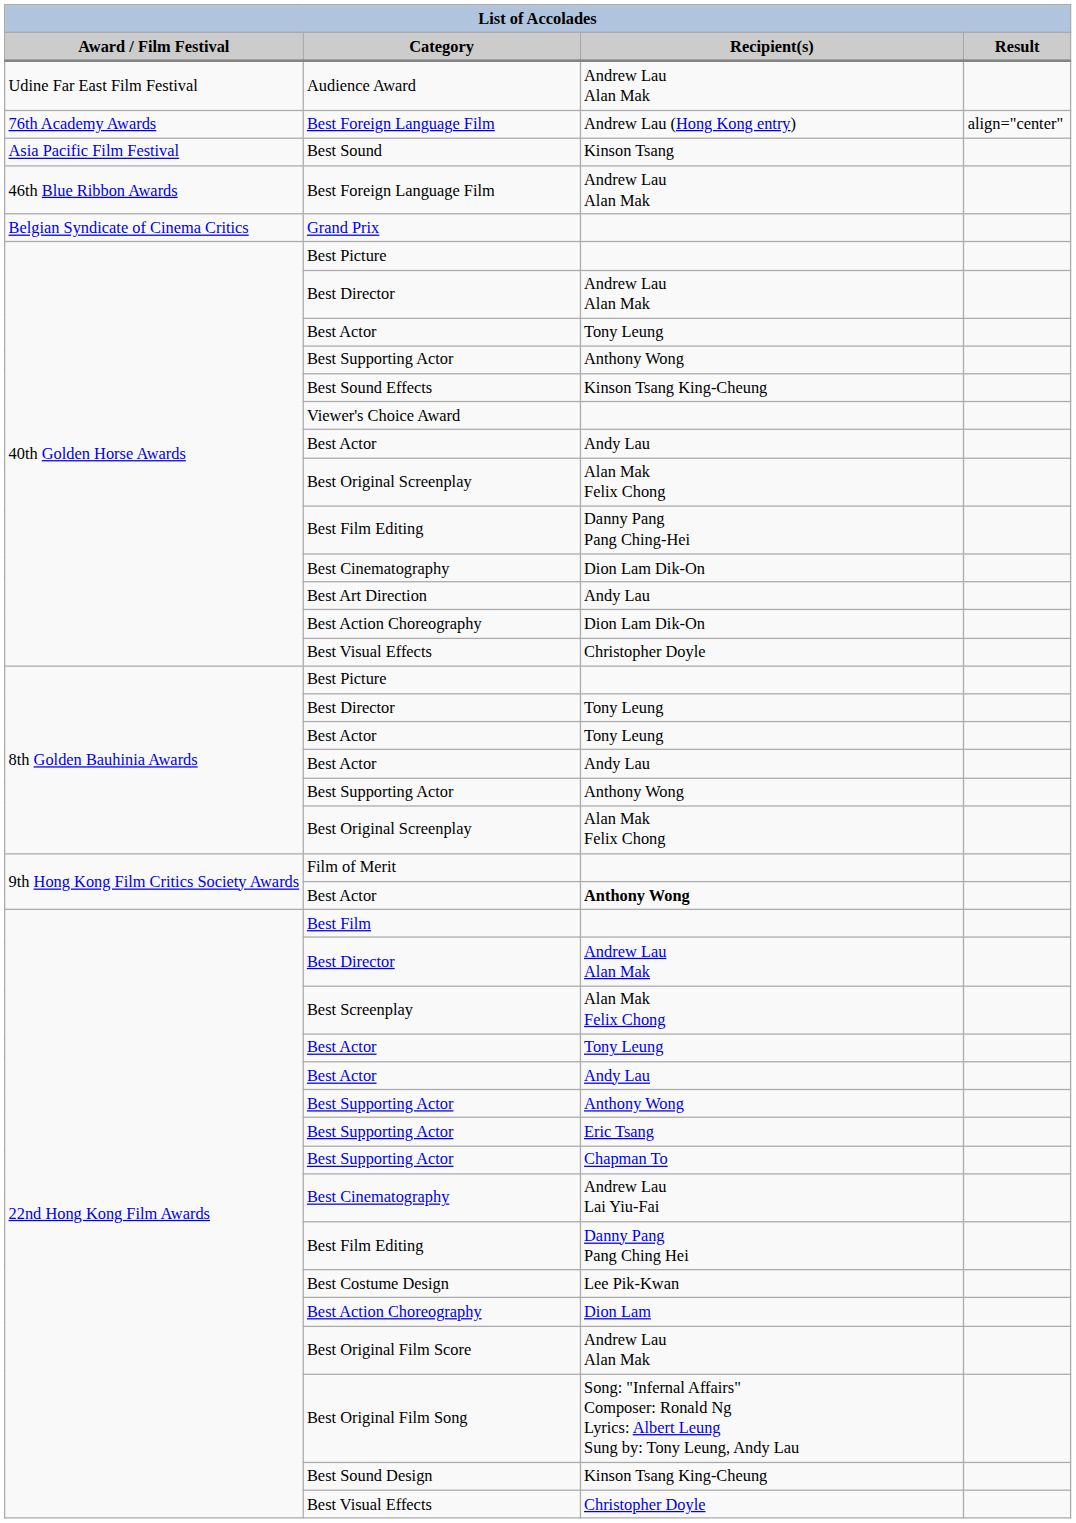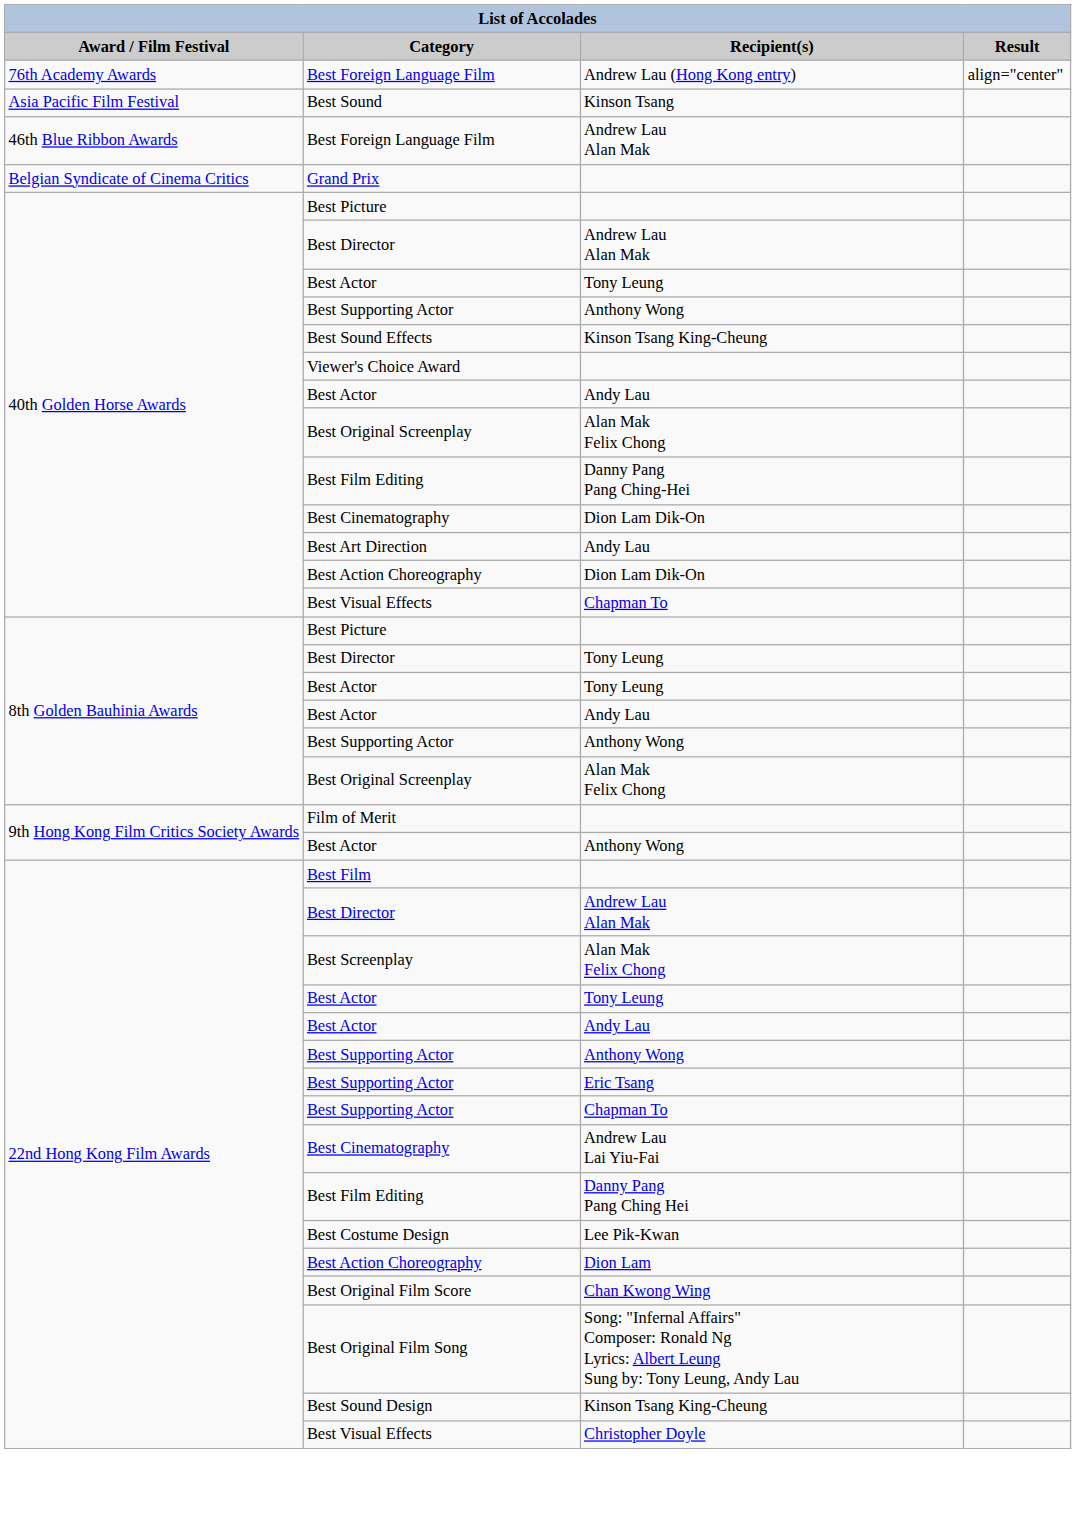 <table class="wikitable" style="font-size:small;" ;>
 <tr style="text-align:center;">
 <th colspan=4 style="background:#B0C4DE;">List of Accolades</th>
 </tr>
 <tr style="text-align:center;">
 <th style="background:#ccc; width:28%;">Award / Film Festival</th>
 <th style="background:#ccc; width:26%;">Category</th>
 <th style="background:#ccc; width:36%;">Recipient(s)</th>
 <th style="background:#ccc; width:10%;">Result</th>
-</tr>
-<tr style="border-top:2px solid gray;">
-<td>Udine Far East Film Festival</td>
-<td>Audience Award</td>
-<td>Andrew Lau<br> Alan Mak</td>
-<td></td>
 </tr>
 <tr>
 <td><a href='#'>76th Academy Awards</a></td>
 <td><a href='#'>Best Foreign Language Film</a></td>
 <td>Andrew Lau (<a href='#'>Hong Kong entry</a>)</td>
 <td>align="center" </td>
 </tr>
 <tr>
 <td><a href='#'>Asia Pacific Film Festival</a></td>
 <td>Best Sound</td>
 <td>Kinson Tsang</td>
 <td></td>
 </tr>
 <tr>
 <td>46th <a href='#'>Blue Ribbon Awards</a></td>
 <td>Best Foreign Language Film</td>
 <td>Andrew Lau<br> Alan Mak</td>
 <td></td>
 </tr>
 <tr>
 <td><a href='#'>Belgian Syndicate of Cinema Critics</a></td>
 <td><a href='#'>Grand Prix</a></td>
 <td></td>
 <td></td>
 </tr>
 <tr>
 <td rowspan="13">40th <a href='#'>Golden Horse Awards</a></td>
 <td>Best Picture</td>
 <td></td>
 <td></td>
 </tr>
 <tr>
 <td>Best Director</td>
 <td>Andrew Lau<br> Alan Mak</td>
 <td></td>
 </tr>
 <tr>
 <td>Best Actor</td>
 <td>Tony Leung</td>
 <td></td>
 </tr>
 <tr>
 <td>Best Supporting Actor</td>
 <td>Anthony Wong</td>
 <td></td>
 </tr>
 <tr>
 <td>Best Sound Effects</td>
 <td>Kinson Tsang King-Cheung</td>
 <td></td>
 </tr>
 <tr>
 <td>Viewer's Choice Award</td>
 <td></td>
 <td></td>
 </tr>
 <tr>
 <td>Best Actor</td>
 <td>Andy Lau</td>
 <td></td>
 </tr>
 <tr>
 <td>Best Original Screenplay</td>
 <td>Alan Mak<br> Felix Chong</td>
 <td></td>
 </tr>
 <tr>
 <td>Best Film Editing</td>
 <td>Danny Pang<br> Pang Ching-Hei</td>
 <td></td>
 </tr>
 <tr>
 <td>Best Cinematography</td>
 <td>Dion Lam Dik-On</td>
 <td></td>
 </tr>
 <tr>
 <td>Best Art Direction</td>
 <td>Andy Lau</td>
 <td></td>
 </tr>
 <tr>
 <td>Best Action Choreography</td>
 <td>Dion Lam Dik-On</td>
 <td></td>
 </tr>
 <tr>
 <td>Best Visual Effects</td>
-<td>Christopher Doyle</td>
+<td><a href='#'>Chapman To</a></td>
 <td></td>
 </tr>
 <tr>
 <td rowspan="6">8th <a href='#'>Golden Bauhinia Awards</a></td>
 <td>Best Picture</td>
 <td></td>
 <td></td>
 </tr>
 <tr>
 <td>Best Director</td>
 <td>Tony Leung</td>
 <td></td>
 </tr>
 <tr>
 <td>Best Actor</td>
 <td>Tony Leung</td>
 <td></td>
 </tr>
 <tr>
 <td>Best Actor</td>
 <td>Andy Lau</td>
 <td></td>
 </tr>
 <tr>
 <td>Best Supporting Actor</td>
 <td>Anthony Wong</td>
 <td></td>
 </tr>
 <tr>
 <td>Best Original Screenplay</td>
 <td>Alan Mak<br> Felix Chong</td>
 <td></td>
 </tr>
 <tr>
 <td rowspan="2">9th <a href='#'>Hong Kong Film Critics Society Awards</a></td>
 <td>Film of Merit</td>
 <td></td>
 <td></td>
 </tr>
 <tr>
 <td>Best Actor</td>
-<td><strong>Anthony Wong</strong></td>
+<td>Anthony Wong</td>
 <td></td>
 </tr>
 <tr>
 <td rowspan="16"><a href='#'>22nd Hong Kong Film Awards</a></td>
 <td><a href='#'>Best Film</a></td>
 <td></td>
 <td></td>
 </tr>
 <tr>
 <td><a href='#'>Best Director</a></td>
 <td><a href='#'>Andrew Lau</a><br> <a href='#'>Alan Mak</a></td>
 <td></td>
 </tr>
 <tr>
 <td Hong Kong Film Award for Best Screenplay>Best Screenplay</td>
 <td>Alan Mak <br><a href='#'>Felix Chong</a></td>
 <td></td>
 </tr>
 <tr>
 <td><a href='#'>Best Actor</a></td>
 <td><a href='#'>Tony Leung</a></td>
 <td></td>
 </tr>
 <tr>
 <td><a href='#'>Best Actor</a></td>
 <td><a href='#'>Andy Lau</a></td>
 <td></td>
 </tr>
 <tr>
 <td><a href='#'>Best Supporting Actor</a></td>
 <td><a href='#'>Anthony Wong</a></td>
 <td></td>
 </tr>
 <tr>
 <td><a href='#'>Best Supporting Actor</a></td>
 <td><a href='#'>Eric Tsang</a></td>
 <td></td>
 </tr>
 <tr>
 <td><a href='#'>Best Supporting Actor</a></td>
 <td><a href='#'>Chapman To</a></td>
 <td></td>
 </tr>
 <tr>
 <td><a href='#'>Best Cinematography</a></td>
 <td>Andrew Lau<br> Lai Yiu-Fai</td>
 <td></td>
 </tr>
 <tr>
 <td>Best Film Editing</td>
 <td><a href='#'>Danny Pang</a> <br>Pang Ching Hei</td>
 <td></td>
 </tr>
 <tr>
 <td>Best Costume Design</td>
 <td>Lee Pik-Kwan</td>
 <td></td>
 </tr>
 <tr>
 <td><a href='#'>Best Action Choreography</a></td>
 <td><a href='#'>Dion Lam</a></td>
 <td></td>
 </tr>
 <tr>
 <td>Best Original Film Score</td>
-<td>Andrew Lau<br> Alan Mak</td>
+<td><a href='#'>Chan Kwong Wing</a></td>
 <td></td>
 </tr>
 <tr>
 <td>Best Original Film Song</td>
 <td>Song: "Infernal Affairs"<br>Composer: Ronald Ng  <br>Lyrics: <a href='#'>Albert Leung</a> <br>Sung by: Tony Leung, Andy Lau</td>
 <td></td>
 </tr>
 <tr>
 <td>Best Sound Design</td>
 <td>Kinson Tsang King-Cheung</td>
 <td></td>
 </tr>
 <tr>
 <td>Best Visual Effects</td>
 <td><a href='#'>Christopher Doyle</a></td>
 <td></td>
 </tr>
 </table>
